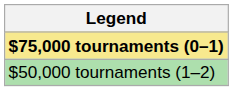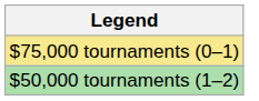 <table class=wikitable style=font-size:90%>
 <tr>
 <th>Legend</th>
 </tr>
 <tr style="background:#f7e98e;">
-<td><strong>$75,000 tournaments (0–1)</strong></td>
+<td>$75,000 tournaments (0–1)</td>
 </tr>
 <tr style="background:#addfad;">
 <td>$50,000 tournaments (1–2)</td>
 </tr>
 </table>
